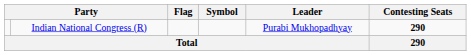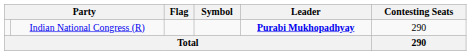 <table class="wikitable" width="60%" style="text-align:center">
 <tr>
 <th colspan="2">Party</th>
 <th>Flag</th>
 <th>Symbol</th>
 <th>Leader</th>
 <th>Contesting Seats</th>
 </tr>
 <tr>
 <td></td>
 <td><a href='#'>Indian National Congress (R)</a></td>
 <td></td>
 <td></td>
-<td><a href='#'>Purabi Mukhopadhyay</a></td>
-<td><strong>290</strong></td>
+<td><strong><a href='#'>Purabi Mukhopadhyay</a></strong></td>
+<td>290</td>
 </tr>
 <tr>
 <th colspan=5>Total</th>
 <th>290</th>
 </tr>
 </table>
